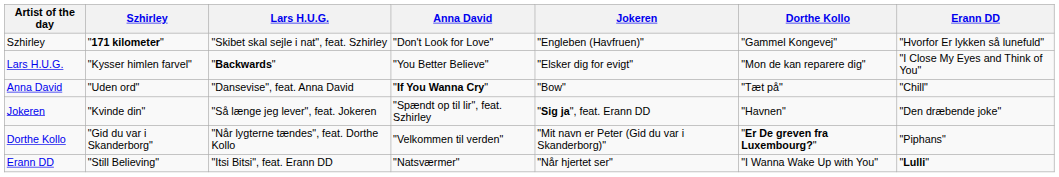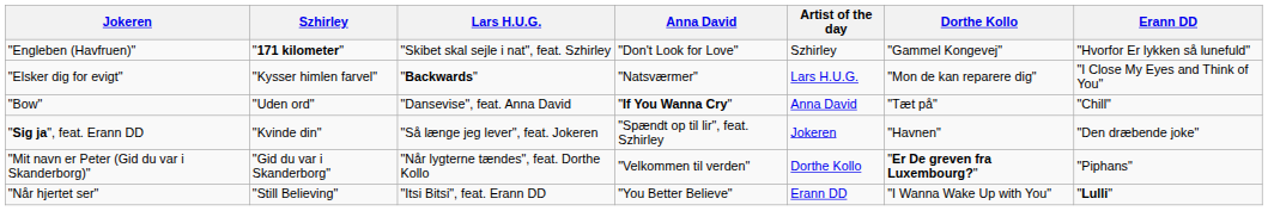 <table class="wikitable">
 <tr>
-<th>Artist of the day</th>
+<th><a href='#'>Jokeren</a></th>
 <th><a href='#'>Szhirley</a></th>
 <th><a href='#'>Lars H.U.G.</a></th>
 <th><a href='#'>Anna David</a></th>
-<th><a href='#'>Jokeren</a></th>
+<th>Artist of the day</th>
 <th><a href='#'>Dorthe Kollo</a></th>
 <th><a href='#'>Erann DD</a></th>
 </tr>
 <tr>
-<td>Szhirley</td>
+<td>"Engleben (Havfruen)"</td>
 <td>"<strong>171 kilometer</strong>"</td>
 <td>"Skibet skal sejle i nat", feat. Szhirley</td>
 <td>"Don't Look for Love"</td>
-<td>"Engleben (Havfruen)"</td>
+<td>Szhirley</td>
 <td>"Gammel Kongevej"</td>
 <td>"Hvorfor Er lykken så lunefuld"</td>
 </tr>
 <tr>
-<td><a href='#'>Lars H.U.G.</a></td>
+<td>"Elsker dig for evigt"</td>
 <td>"Kysser himlen farvel"</td>
 <td>"<strong>Backwards</strong>"</td>
-<td>"You Better Believe"</td>
-<td>"Elsker dig for evigt"</td>
+<td>"Natsværmer"</td>
+<td><a href='#'>Lars H.U.G.</a></td>
 <td>"Mon de kan reparere dig"</td>
 <td>"I Close My Eyes and Think of You"</td>
 </tr>
 <tr>
-<td><a href='#'>Anna David</a></td>
+<td>"Bow"</td>
 <td>"Uden ord"</td>
 <td>"Dansevise", feat. Anna David</td>
 <td>"<strong>If You Wanna Cry</strong>"</td>
-<td>"Bow"</td>
+<td><a href='#'>Anna David</a></td>
 <td>"Tæt på"</td>
 <td>"Chill"</td>
 </tr>
 <tr>
-<td><a href='#'>Jokeren</a></td>
+<td>"<strong>Sig ja</strong>", feat. Erann DD</td>
 <td>"Kvinde din"</td>
 <td>"Så længe jeg lever", feat. Jokeren</td>
 <td>"Spændt op til lir", feat. Szhirley</td>
-<td>"<strong>Sig ja</strong>", feat. Erann DD</td>
+<td><a href='#'>Jokeren</a></td>
 <td>"Havnen"</td>
 <td>"Den dræbende joke"</td>
 </tr>
 <tr>
-<td><a href='#'>Dorthe Kollo</a></td>
+<td>"Mit navn er Peter (Gid du var i Skanderborg)"</td>
 <td>"Gid du var i Skanderborg"</td>
 <td>"Når lygterne tændes", feat. Dorthe Kollo</td>
 <td>"Velkommen til verden"</td>
-<td>"Mit navn er Peter (Gid du var i Skanderborg)"</td>
+<td><a href='#'>Dorthe Kollo</a></td>
 <td>"<strong>Er De greven fra Luxembourg?</strong>"</td>
 <td>"Piphans"</td>
 </tr>
 <tr>
-<td><a href='#'>Erann DD</a></td>
+<td>"Når hjertet ser"</td>
 <td>"Still Believing"</td>
 <td>"Itsi Bitsi", feat. Erann DD</td>
-<td>"Natsværmer"</td>
-<td>"Når hjertet ser"</td>
+<td>"You Better Believe"</td>
+<td><a href='#'>Erann DD</a></td>
 <td>"I Wanna Wake Up with You"</td>
 <td>"<strong>Lulli</strong>"</td>
 </tr>
 </table>
